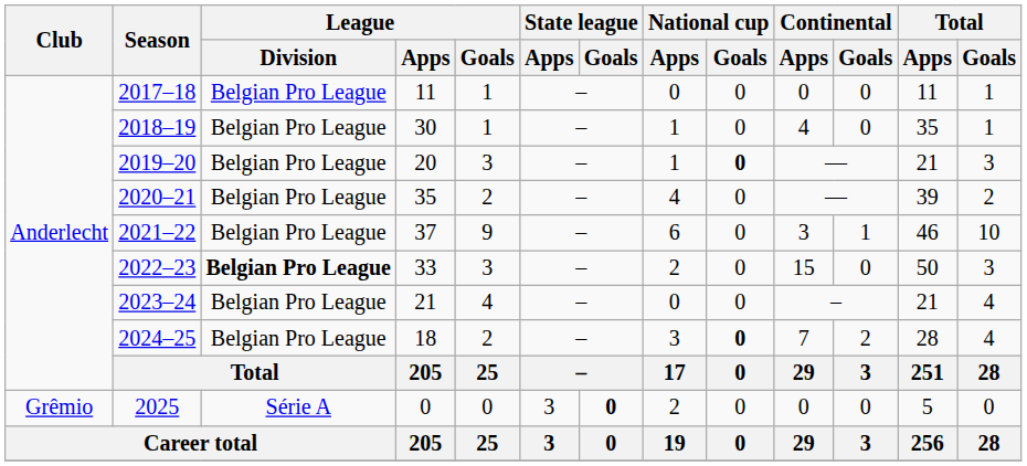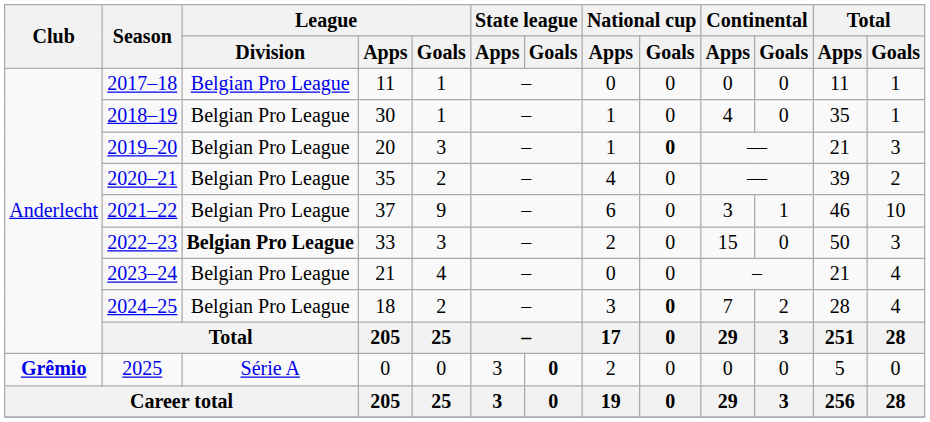 <table class=wikitable style=text-align:center>
 <tr>
 <th rowspan=2>Club</th>
 <th rowspan=2>Season</th>
 <th colspan=3>League</th>
 <th colspan="2">State league</th>
 <th colspan=2>National cup</th>
 <th colspan=2>Continental</th>
 <th colspan=2>Total</th>
 </tr>
 <tr>
 <th>Division</th>
 <th>Apps</th>
 <th>Goals</th>
 <th>Apps</th>
 <th>Goals</th>
 <th>Apps</th>
 <th>Goals</th>
 <th>Apps</th>
 <th>Goals</th>
 <th>Apps</th>
 <th>Goals</th>
 </tr>
 <tr>
 <td rowspan="9"><a href='#'>Anderlecht</a></td>
 <td><a href='#'>2017–18</a></td>
 <td><a href='#'>Belgian Pro League</a></td>
 <td>11</td>
 <td>1</td>
 <td colspan="2">–</td>
 <td>0</td>
 <td>0</td>
 <td>0</td>
 <td>0</td>
 <td>11</td>
 <td>1</td>
 </tr>
 <tr>
 <td><a href='#'>2018–19</a></td>
 <td>Belgian Pro League</td>
 <td>30</td>
 <td>1</td>
 <td colspan="2">–</td>
 <td>1</td>
 <td>0</td>
 <td>4</td>
 <td>0</td>
 <td>35</td>
 <td>1</td>
 </tr>
 <tr>
 <td><a href='#'>2019–20</a></td>
 <td>Belgian Pro League</td>
 <td>20</td>
 <td>3</td>
 <td colspan="2">–</td>
 <td>1</td>
 <td><strong>0</strong></td>
 <td colspan=2>—</td>
 <td>21</td>
 <td>3</td>
 </tr>
 <tr>
 <td><a href='#'>2020–21</a></td>
 <td>Belgian Pro League</td>
 <td>35</td>
 <td>2</td>
 <td colspan="2">–</td>
 <td>4</td>
 <td>0</td>
 <td colspan=2>—</td>
 <td>39</td>
 <td>2</td>
 </tr>
 <tr>
 <td><a href='#'>2021–22</a></td>
 <td>Belgian Pro League</td>
 <td>37</td>
 <td>9</td>
 <td colspan="2">–</td>
 <td>6</td>
 <td>0</td>
 <td>3</td>
 <td>1</td>
 <td>46</td>
 <td>10</td>
 </tr>
 <tr>
 <td><a href='#'>2022–23</a></td>
 <td><strong>Belgian Pro League</strong></td>
 <td>33</td>
 <td>3</td>
 <td colspan="2">–</td>
 <td>2</td>
 <td>0</td>
 <td>15</td>
 <td>0</td>
 <td>50</td>
 <td>3</td>
 </tr>
 <tr>
 <td><a href='#'>2023–24</a></td>
 <td>Belgian Pro League</td>
 <td>21</td>
 <td>4</td>
 <td colspan="2">–</td>
 <td>0</td>
 <td>0</td>
 <td colspan="2">–</td>
 <td>21</td>
 <td>4</td>
 </tr>
 <tr>
 <td><a href='#'>2024–25</a></td>
 <td>Belgian Pro League</td>
 <td>18</td>
 <td>2</td>
 <td colspan="2">–</td>
 <td>3</td>
 <td><strong>0</strong></td>
 <td>7</td>
 <td>2</td>
 <td>28</td>
 <td>4</td>
 </tr>
 <tr>
 <th colspan="2">Total</th>
 <th>205</th>
 <th>25</th>
 <th colspan="2">–</th>
 <th>17</th>
 <th>0</th>
 <th>29</th>
 <th>3</th>
 <th>251</th>
 <th>28</th>
 </tr>
 <tr>
-<td><a href='#'>Grêmio</a></td>
+<td><strong><a href='#'>Grêmio</a></strong></td>
 <td><a href='#'>2025</a></td>
 <td><a href='#'>Série A</a></td>
 <td>0</td>
 <td>0</td>
 <td>3</td>
 <td><strong>0</strong></td>
 <td>2</td>
 <td>0</td>
 <td>0</td>
 <td>0</td>
 <td>5</td>
 <td>0</td>
 </tr>
 <tr>
 <th colspan="3">Career total</th>
 <th>205</th>
 <th>25</th>
 <th>3</th>
 <th>0</th>
 <th>19</th>
 <th>0</th>
 <th>29</th>
 <th>3</th>
 <th>256</th>
 <th>28</th>
 </tr>
 <tr>
 </tr>
 </table>
